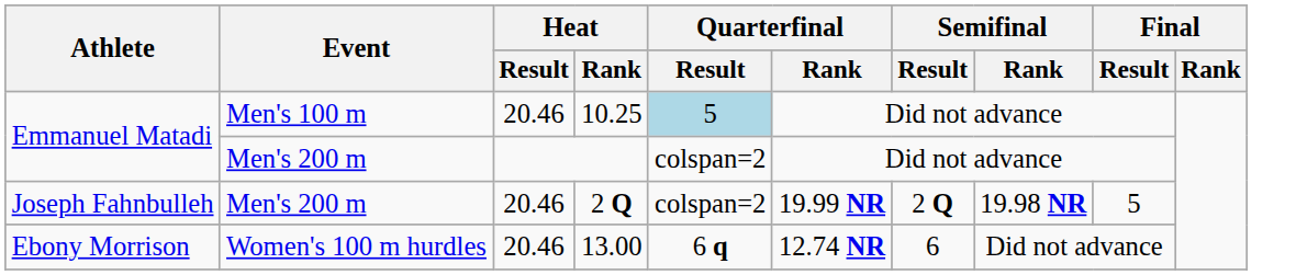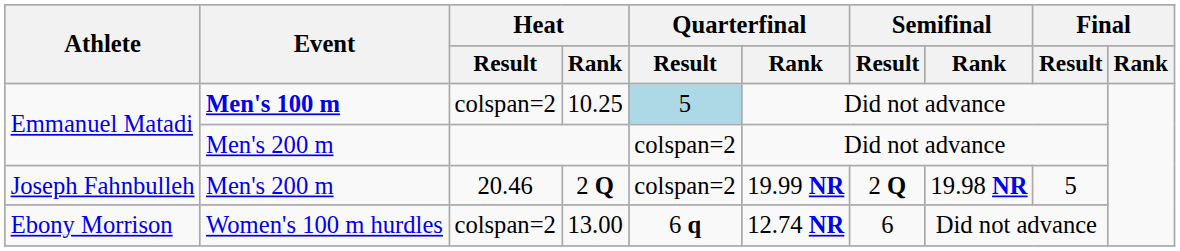 <table class="wikitable" style="font-size:90%">
 <tr>
 <th rowspan="2">Athlete</th>
 <th rowspan="2">Event</th>
 <th colspan="2">Heat</th>
 <th colspan="2">Quarterfinal</th>
 <th colspan="2">Semifinal</th>
 <th colspan="2">Final</th>
 </tr>
 <tr style="font-size:95%">
 <th>Result</th>
 <th>Rank</th>
 <th>Result</th>
 <th>Rank</th>
 <th>Result</th>
 <th>Rank</th>
 <th>Result</th>
 <th>Rank</th>
 </tr>
 <tr align=center>
 <td rowspan="2" align="left"><a href='#'>Emmanuel Matadi</a></td>
-<td align=left><a href='#'>Men's 100 m</a></td>
-<td>20.46</td>
+<td align=left><strong><a href='#'>Men's 100 m</a></strong></td>
+<td>colspan=2 </td>
 <td>10.25</td>
 <td style="background: lightblue;">5</td>
 <td colspan="4">Did not advance</td>
 </tr>
 <tr align=center>
 <td align="left"><a href='#'>Men's 200 m</a></td>
 <td colspan=2></td>
 <td>colspan=2 </td>
 <td colspan="4">Did not advance</td>
 </tr>
 <tr align=center>
 <td align=left><a href='#'>Joseph Fahnbulleh</a></td>
 <td align="left"><a href='#'>Men's 200 m</a></td>
 <td>20.46</td>
 <td>2 <strong>Q</strong></td>
 <td>colspan=2 </td>
 <td>19.99 <strong><a href='#'>NR</a></strong></td>
 <td>2 <strong>Q</strong></td>
 <td>19.98 <strong><a href='#'>NR</a></strong></td>
 <td>5</td>
 </tr>
 <tr align=center>
 <td align=left><a href='#'>Ebony Morrison</a></td>
 <td align=left><a href='#'>Women's 100 m hurdles</a></td>
-<td>20.46</td>
+<td>colspan=2 </td>
 <td>13.00</td>
 <td>6 <strong>q</strong></td>
 <td>12.74 <strong><a href='#'>NR</a></strong></td>
 <td>6</td>
 <td colspan=2>Did not advance</td>
 </tr>
 </table>
